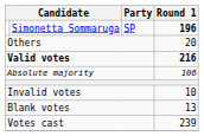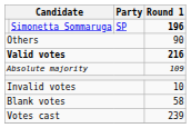 <table class="wikitable" style="text-align:right;">
 <tr>
 <th colspan=2>Candidate</th>
 <th>Party</th>
 <th>Round 1</th>
 </tr>
 <tr>
 <td style="background-color:"></td>
 <td style="text-align:left;"><a href='#'>Simonetta Sommaruga</a></td>
 <td style="text-align:left;"><a href='#'>SP</a></td>
 <td><strong>196</strong></td>
 </tr>
 <tr>
 <td colspan=3 style="text-align:left;">Others</td>
-<td>20</td>
+<td>90</td>
 </tr>
 <tr style="font-weight:bold;">
 <td colspan=3 style="text-align:left;">Valid votes</td>
 <td>216</td>
 </tr>
 <tr style="font-style:italic; font-size:90%;">
 <td colspan=3 style="text-align:left;">Absolute majority</td>
-<td>106</td>
+<td>109</td>
 </tr>
 <tr>
 <th colspan=10></th>
 </tr>
 <tr>
 <td colspan=3 style="text-align:left;">Invalid votes</td>
 <td>10</td>
 </tr>
 <tr>
 <td colspan=3 style="text-align:left;">Blank votes</td>
-<td>13</td>
+<td>58</td>
 </tr>
 <tr>
 <td colspan=3 style="text-align:left;">Votes cast</td>
 <td>239</td>
 </tr>
 <tr>
 </tr>
 </table>
